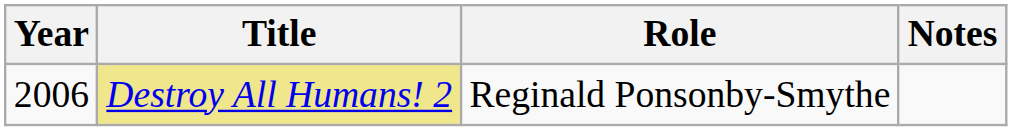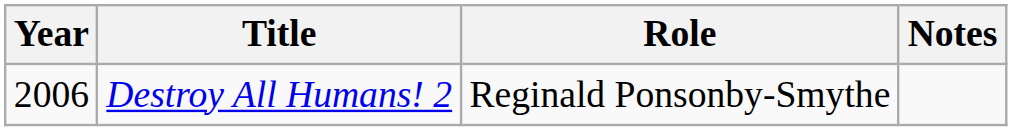 <table class="wikitable sortable">
 <tr>
 <th>Year</th>
 <th>Title</th>
 <th>Role</th>
 <th>Notes</th>
 </tr>
 <tr>
 <td>2006</td>
-<td style="background: khaki;"><em><a href='#'>Destroy All Humans! 2</a></em></td>
+<td><em><a href='#'>Destroy All Humans! 2</a></em></td>
 <td>Reginald Ponsonby-Smythe</td>
 <td></td>
 </tr>
 </table>
